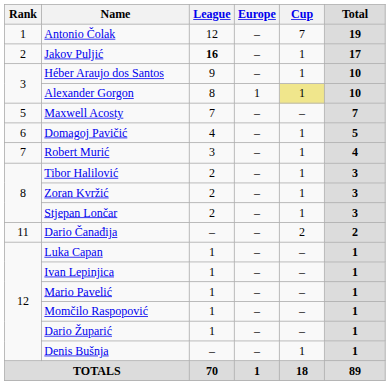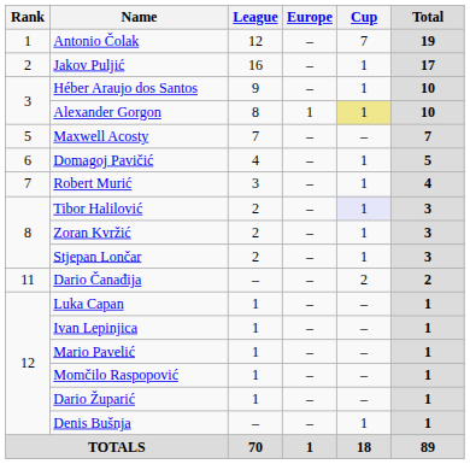 <table class="wikitable" style="font-size: 95%; text-align: center;">
 <tr>
 <th width=40>Rank</th>
 <th width=180>Name</th>
 <th width=50><a href='#'>League</a></th>
 <th width=50><a href='#'>Europe</a></th>
 <th width=50><a href='#'>Cup</a></th>
 <th width=70 style="background: #DCDCDC">Total</th>
 </tr>
 <tr>
 <td rowspan=1>1</td>
 <td style="text-align:left;"> <a href='#'>Antonio Čolak</a></td>
 <td>12</td>
 <td>–</td>
 <td>7</td>
 <th style="background: #DCDCDC">19</th>
 </tr>
 <tr>
 <td rowspan=1>2</td>
 <td style="text-align:left;"> <a href='#'>Jakov Puljić</a></td>
-<td><strong>16</strong></td>
+<td>16</td>
 <td>–</td>
 <td>1</td>
 <th style="background: #DCDCDC">17</th>
 </tr>
 <tr>
 <td rowspan=2>3</td>
 <td style="text-align:left;"> <a href='#'>Héber Araujo dos Santos</a></td>
 <td>9</td>
 <td>–</td>
 <td>1</td>
 <th style="background: #DCDCDC">10</th>
 </tr>
 <tr>
 <td style="text-align:left;"> <a href='#'>Alexander Gorgon</a></td>
 <td>8</td>
 <td>1</td>
 <td style="background: khaki;">1</td>
 <th style="background: #DCDCDC">10</th>
 </tr>
 <tr>
 <td rowspan=1>5</td>
 <td style="text-align:left;"> <a href='#'>Maxwell Acosty</a></td>
 <td>7</td>
 <td>–</td>
 <td>–</td>
 <th style="background: #DCDCDC">7</th>
 </tr>
 <tr>
 <td rowspan=1>6</td>
 <td style="text-align:left;"> <a href='#'>Domagoj Pavičić</a></td>
 <td>4</td>
 <td>–</td>
 <td>1</td>
 <th style="background: #DCDCDC">5</th>
 </tr>
 <tr>
 <td rowspan=1>7</td>
 <td style="text-align:left;"> <a href='#'>Robert Murić</a></td>
 <td>3</td>
 <td>–</td>
 <td>1</td>
 <th style="background: #DCDCDC">4</th>
 </tr>
 <tr>
 <td rowspan=3>8</td>
 <td style="text-align:left;"> <a href='#'>Tibor Halilović</a></td>
 <td>2</td>
 <td>–</td>
-<td>1</td>
+<td style="background: lavender;">1</td>
 <th style="background: #DCDCDC">3</th>
 </tr>
 <tr>
 <td style="text-align:left;"> <a href='#'>Zoran Kvržić</a></td>
 <td>2</td>
 <td>–</td>
 <td>1</td>
 <th style="background: #DCDCDC">3</th>
 </tr>
 <tr>
 <td style="text-align:left;"> <a href='#'>Stjepan Lončar</a></td>
 <td>2</td>
 <td>–</td>
 <td>1</td>
 <th style="background: #DCDCDC">3</th>
 </tr>
 <tr>
 <td rowspan=1>11</td>
 <td style="text-align:left;"> <a href='#'>Dario Čanađija</a></td>
 <td>–</td>
 <td>–</td>
 <td>2</td>
 <th style="background: #DCDCDC">2</th>
 </tr>
 <tr>
 <td rowspan=6>12</td>
 <td style="text-align:left;"> <a href='#'>Luka Capan</a></td>
 <td>1</td>
 <td>–</td>
 <td>–</td>
 <th style="background: #DCDCDC">1</th>
 </tr>
 <tr>
 <td style="text-align:left;"> <a href='#'>Ivan Lepinjica</a></td>
 <td>1</td>
 <td>–</td>
 <td>–</td>
 <th style="background: #DCDCDC">1</th>
 </tr>
 <tr>
 <td style="text-align:left;"> <a href='#'>Mario Pavelić</a></td>
 <td>1</td>
 <td>–</td>
 <td>–</td>
 <th style="background: #DCDCDC">1</th>
 </tr>
 <tr>
 <td style="text-align:left;"> <a href='#'>Momčilo Raspopović</a></td>
 <td>1</td>
 <td>–</td>
 <td>–</td>
 <th style="background: #DCDCDC">1</th>
 </tr>
 <tr>
 <td style="text-align:left;"> <a href='#'>Dario Župarić</a></td>
 <td>1</td>
 <td>–</td>
 <td>–</td>
 <th style="background: #DCDCDC">1</th>
 </tr>
 <tr>
 <td style="text-align:left;"> <a href='#'>Denis Bušnja</a></td>
 <td>–</td>
 <td>–</td>
 <td>1</td>
 <th style="background: #DCDCDC">1</th>
 </tr>
 <tr>
 <th colspan="2" align="center" style="background: #DCDCDC">TOTALS</th>
 <th style="background: #DCDCDC">70</th>
 <th style="background: #DCDCDC">1</th>
 <th style="background: #DCDCDC">18</th>
 <th style="background: #DCDCDC">89</th>
 </tr>
 </table>
